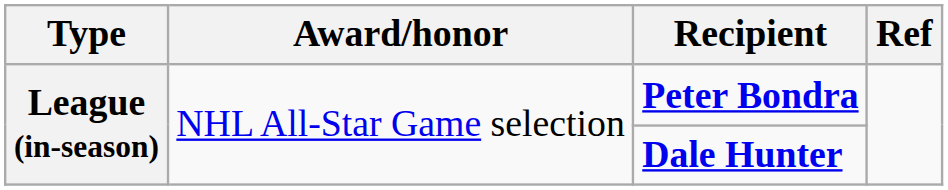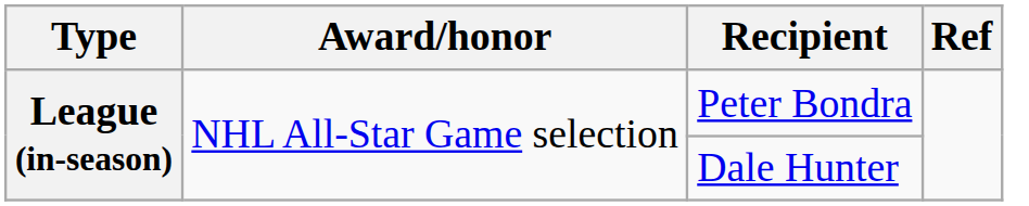 <table class="wikitable">
 <tr>
 <th scope="col">Type</th>
 <th scope="col">Award/honor</th>
 <th scope="col">Recipient</th>
 <th scope="col">Ref</th>
 </tr>
 <tr>
 <th scope="row" rowspan=2>League<br><small>(in-season)</small></th>
 <td rowspan=2><a href='#'>NHL All-Star Game</a> selection</td>
-<td><strong><a href='#'>Peter Bondra</a></strong></td>
+<td><a href='#'>Peter Bondra</a></td>
 <td rowspan=2></td>
 </tr>
 <tr>
-<td><strong><a href='#'>Dale Hunter</a></strong></td>
+<td><a href='#'>Dale Hunter</a></td>
 </tr>
 </table>
